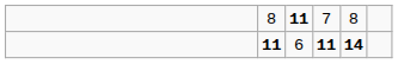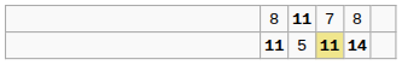 <table class="wikitable">
 <tr>
 <td style="width:15em"></td>
 <td align=center style="width:1em">8</td>
 <td align=center style="width:1em"><strong>11</strong></td>
 <td align=center style="width:1em">7</td>
 <td align=center style="width:1em">8</td>
 <td align=center style="width:1em"></td>
 </tr>
 <tr>
 <td style="width:15em"></td>
 <td align=center style="width:1em"><strong>11</strong></td>
-<td align=center style="width:1em">6</td>
-<td align=center style="width:1em"><strong>11</strong></td>
+<td align=center style="width:1em">5</td>
+<td align=center style="background: khaki; width:1em"><strong>11</strong></td>
 <td align=center style="width:1em"><strong>14</strong></td>
 <td align=center style="width:1em"></td>
 </tr>
 </table>
